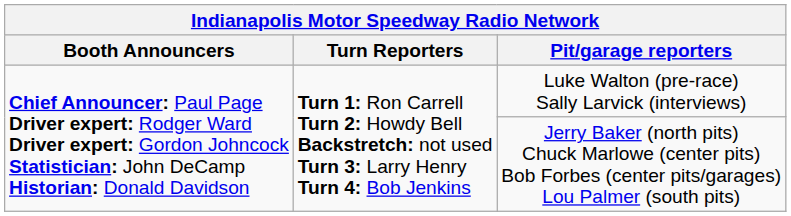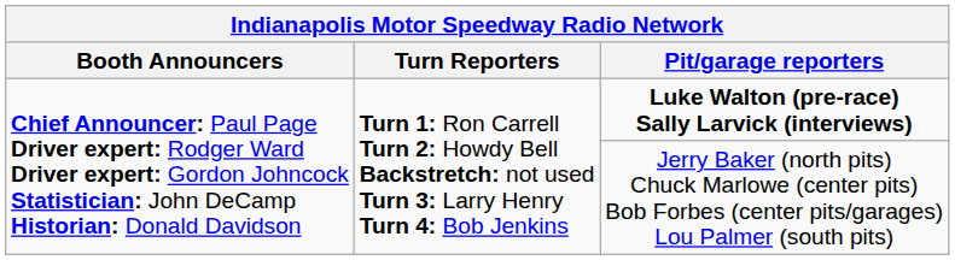 <table class="wikitable" style="font-size: 95%;">
 <tr>
 <th colspan=3><a href='#'>Indianapolis Motor Speedway Radio Network</a></th>
 </tr>
 <tr>
 <th>Booth Announcers</th>
 <th>Turn Reporters</th>
 <th><a href='#'>Pit/garage reporters</a></th>
 </tr>
 <tr>
 <td valign="top" rowspan=2><br><strong><a href='#'>Chief Announcer</a>:</strong> <a href='#'>Paul Page</a><br> <strong>Driver expert:</strong> <a href='#'>Rodger Ward</a><br> <strong>Driver expert:</strong> <a href='#'>Gordon Johncock</a><br> <strong><a href='#'>Statistician</a>:</strong> John DeCamp<br> <strong><a href='#'>Historian</a>:</strong> <a href='#'>Donald Davidson</a><br></td>
 <td valign="top" rowspan=2><br><strong>Turn 1:</strong> Ron Carrell<br>     <strong>Turn 2:</strong> Howdy Bell<br> <strong>Backstretch:</strong> not used<br> <strong>Turn 3:</strong> Larry Henry<br> <strong>Turn 4:</strong> <a href='#'>Bob Jenkins</a><br></td>
-<td align="center" valign="top">Luke Walton (pre-race)<br>Sally Larvick (interviews)<br></td>
+<td align="center" valign="top"><strong>Luke Walton (pre-race)<br>Sally Larvick (interviews)<br></strong></td>
 </tr>
 <tr>
 <td align="center" valign="top"><a href='#'>Jerry Baker</a> (north pits)<br>Chuck Marlowe (center pits)<br>Bob Forbes (center pits/garages)<br><a href='#'>Lou Palmer</a> (south pits)<br></td>
 </tr>
 </table>
